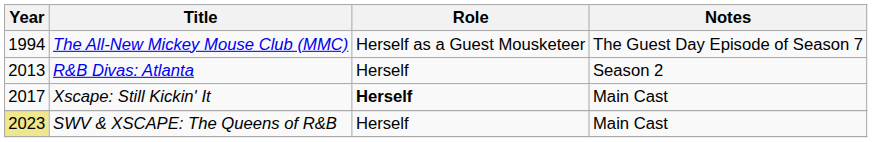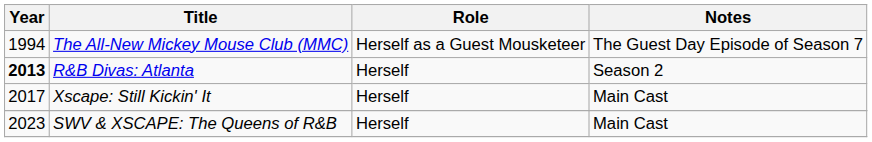 <table class="wikitable sortable">
 <tr>
 <th>Year</th>
 <th>Title</th>
 <th>Role</th>
 <th class="unsortable">Notes</th>
 </tr>
 <tr>
 <td>1994</td>
 <td><em><a href='#'>The All-New Mickey Mouse Club (MMC)</a></em></td>
 <td>Herself as a Guest Mousketeer</td>
 <td>The Guest Day Episode of Season 7</td>
 </tr>
 <tr>
-<td>2013</td>
+<td><strong>2013</strong></td>
 <td><em><a href='#'>R&B Divas: Atlanta</a></em></td>
 <td>Herself</td>
 <td>Season 2</td>
 </tr>
 <tr>
 <td>2017</td>
 <td><em>Xscape: Still Kickin' It</em></td>
-<td><strong>Herself</strong></td>
+<td>Herself</td>
 <td>Main Cast</td>
 </tr>
 <tr>
 </tr>
 <tr>
-<td style="background: khaki;">2023</td>
+<td>2023</td>
 <td><em>SWV & XSCAPE: The Queens of R&B</em></td>
 <td>Herself</td>
 <td>Main Cast</td>
 </tr>
 <tr>
 </tr>
 </table>
